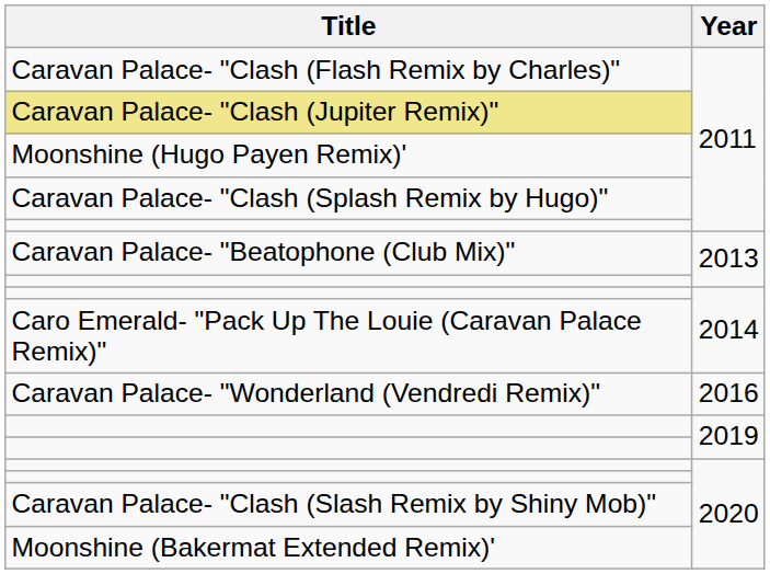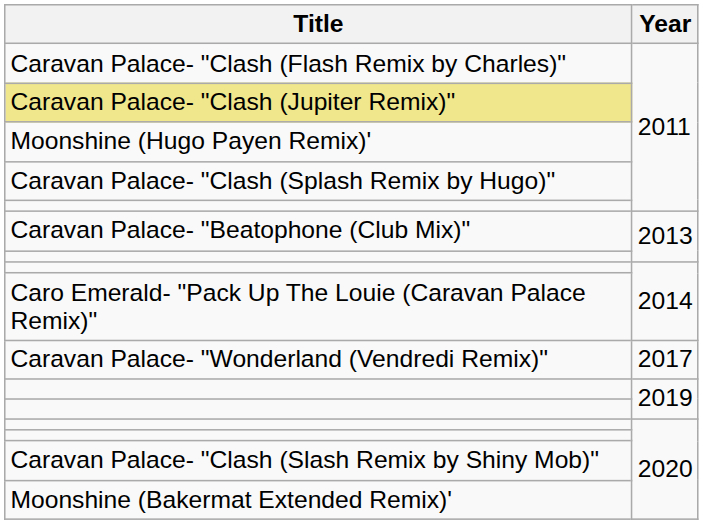 <table class="wikitable sortable plainrowheaders" style="text-align:;" border="1">
 <tr>
 <th scope="col" rowspan="1" style="width:25em;">Title</th>
 <th scope="col" rowspan="1" style="width:1em;">Year</th>
 </tr>
 <tr>
 <td>Caravan Palace- "Clash (Flash Remix by Charles)"</td>
 <td rowspan="5">2011</td>
 </tr>
 <tr>
 <td style="background: khaki;">Caravan Palace- "Clash (Jupiter Remix)"</td>
 </tr>
 <tr>
 <td>Moonshine (Hugo Payen Remix)'</td>
 </tr>
 <tr>
 <td>Caravan Palace- "Clash (Splash Remix by Hugo)"</td>
 </tr>
 <tr>
 <td></td>
 </tr>
 <tr>
 <td>Caravan Palace- "Beatophone (Club Mix)"</td>
 <td rowspan="2">2013</td>
 </tr>
 <tr>
 <td></td>
 </tr>
 <tr>
 <td></td>
 <td rowspan="2">2014</td>
 </tr>
 <tr>
 <td>Caro Emerald- "Pack Up The Louie (Caravan Palace Remix)"</td>
 </tr>
 <tr>
 <td>Caravan Palace- "Wonderland (Vendredi Remix)"</td>
-<td>2016</td>
+<td>2017</td>
 </tr>
 <tr>
 <td></td>
 <td rowspan="2">2019</td>
 </tr>
 <tr>
 <td></td>
 </tr>
 <tr>
 <td></td>
 <td rowspan="4">2020</td>
 </tr>
 <tr>
 <td></td>
 </tr>
 <tr>
 <td>Caravan Palace- "Clash (Slash Remix by Shiny Mob)"</td>
 </tr>
 <tr>
 <td>Moonshine (Bakermat Extended Remix)'</td>
 </tr>
 </table>
